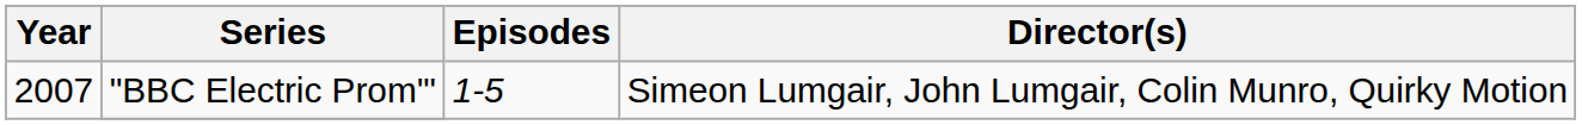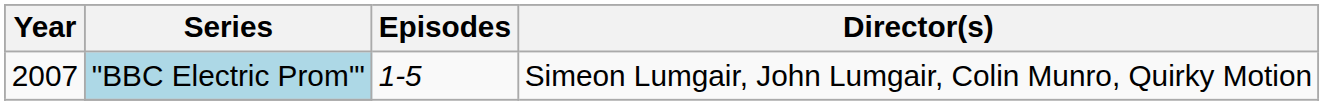 <table class="wikitable">
 <tr>
 <th>Year</th>
 <th>Series</th>
 <th>Episodes</th>
 <th>Director(s)</th>
 </tr>
 <tr>
 <td rowspan="2">2007</td>
-<td>"BBC Electric Prom'"</td>
+<td style="background: lightblue;">"BBC Electric Prom'"</td>
 <td rowspan="4"><em>1-5</em></td>
 <td rowspan="8">Simeon Lumgair, John Lumgair, Colin Munro, Quirky Motion</td>
 </tr>
 <tr>
 </tr>
 </table>
